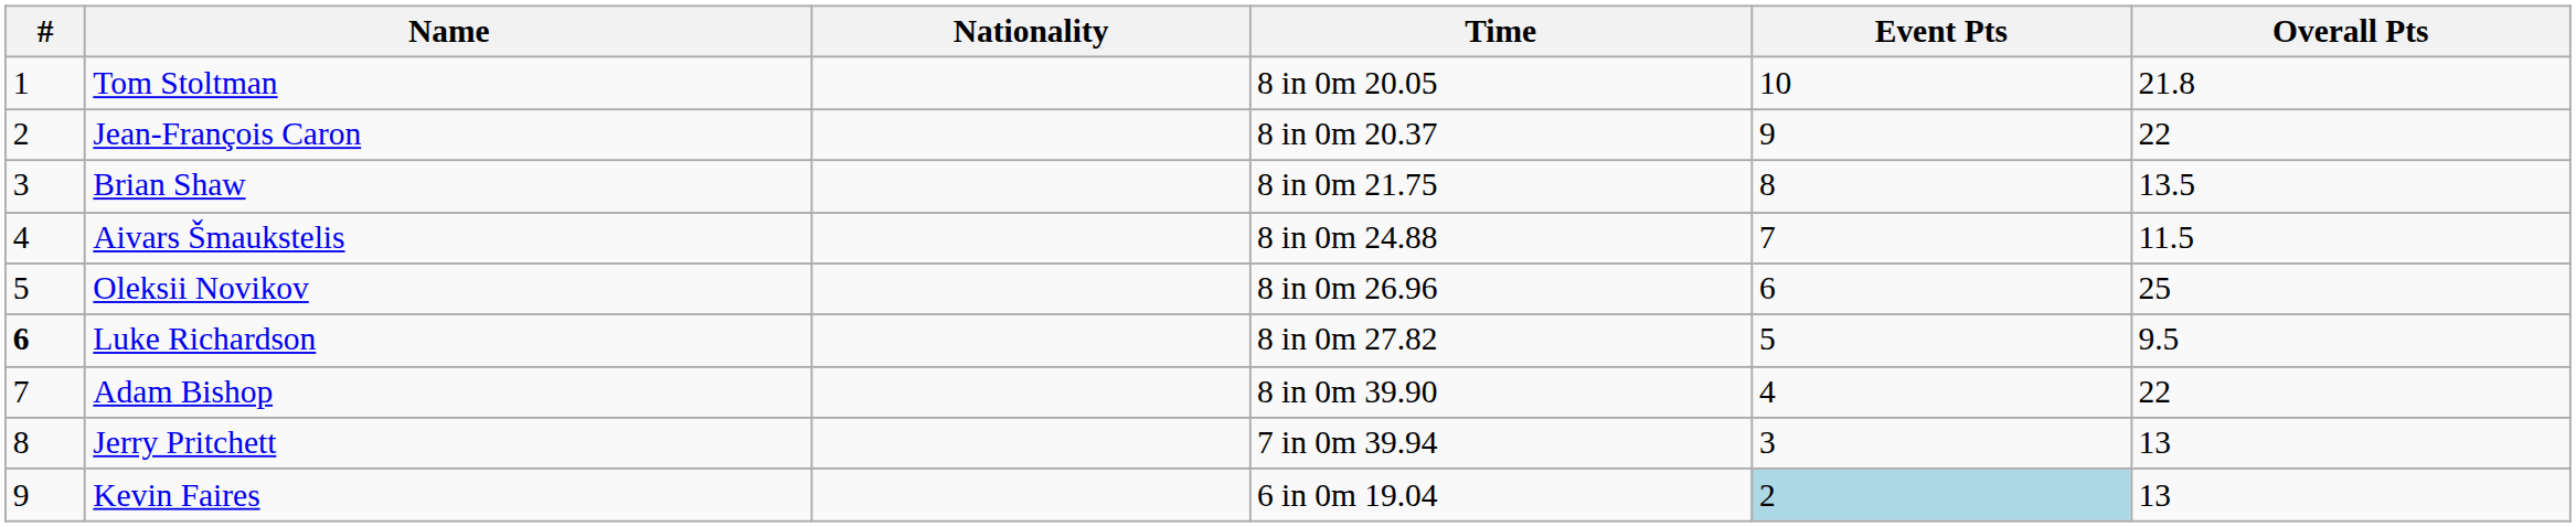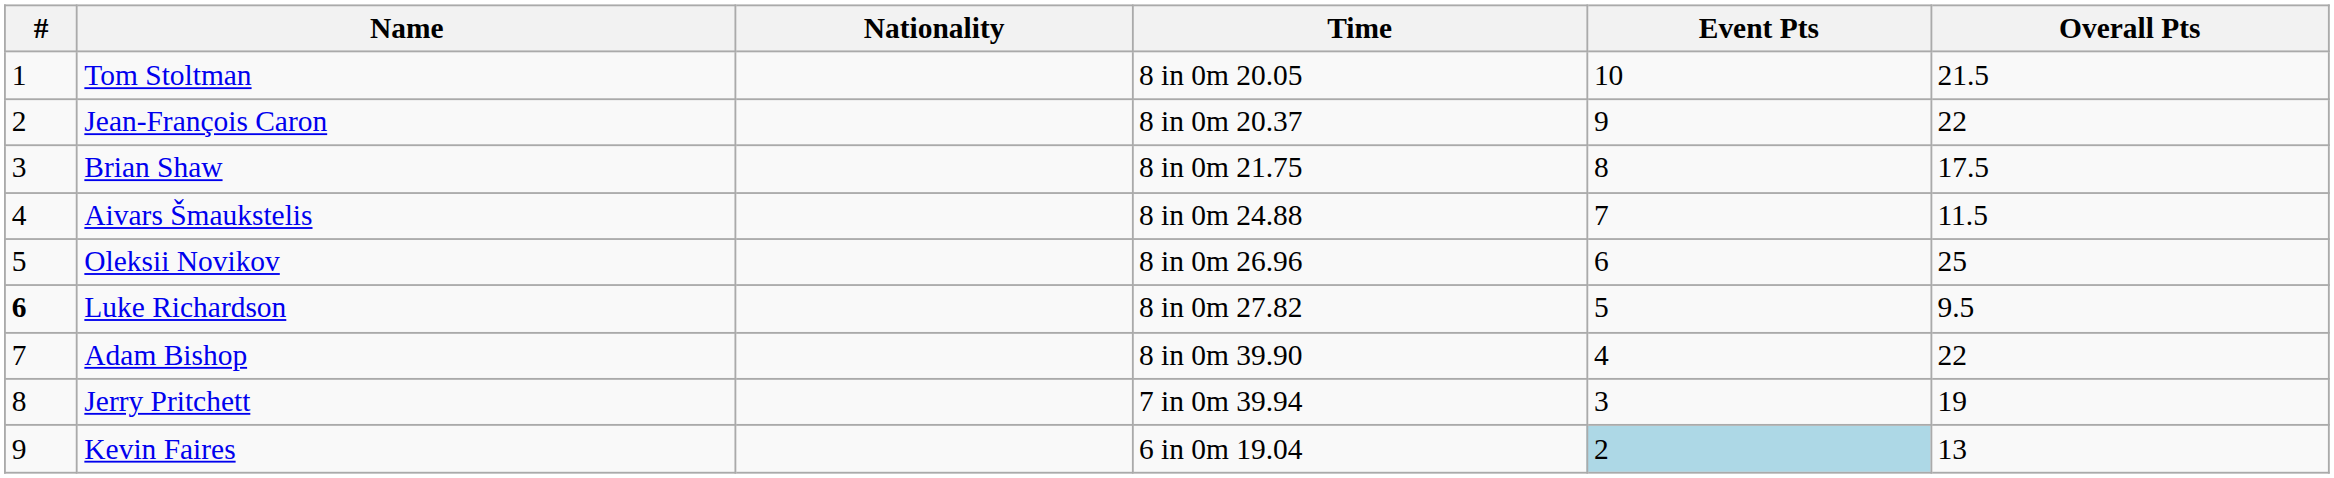 <table class="wikitable sortable" style="display: inline-table;width: 100%;">
 <tr>
 <th>#</th>
 <th>Name</th>
 <th>Nationality</th>
 <th>Time</th>
 <th>Event Pts</th>
 <th>Overall Pts</th>
 </tr>
 <tr>
 <td>1</td>
 <td><a href='#'>Tom Stoltman</a></td>
 <td></td>
 <td>8 in 0m 20.05</td>
 <td>10</td>
-<td>21.8</td>
+<td>21.5</td>
 </tr>
 <tr>
 <td>2</td>
 <td><a href='#'>Jean-François Caron</a></td>
 <td></td>
 <td>8 in 0m 20.37</td>
 <td>9</td>
 <td>22</td>
 </tr>
 <tr>
 <td>3</td>
 <td><a href='#'>Brian Shaw</a></td>
 <td></td>
 <td>8 in 0m 21.75</td>
 <td>8</td>
-<td>13.5</td>
+<td>17.5</td>
 </tr>
 <tr>
 <td>4</td>
 <td><a href='#'>Aivars Šmaukstelis</a></td>
 <td></td>
 <td>8 in 0m 24.88</td>
 <td>7</td>
 <td>11.5</td>
 </tr>
 <tr>
 <td>5</td>
 <td><a href='#'>Oleksii Novikov</a></td>
 <td></td>
 <td>8 in 0m 26.96</td>
 <td>6</td>
 <td>25</td>
 </tr>
 <tr>
 <td><strong>6</strong></td>
 <td><a href='#'>Luke Richardson</a></td>
 <td></td>
 <td>8 in 0m 27.82</td>
 <td>5</td>
 <td>9.5</td>
 </tr>
 <tr>
 <td>7</td>
 <td><a href='#'>Adam Bishop</a></td>
 <td></td>
 <td>8 in 0m 39.90</td>
 <td>4</td>
 <td>22</td>
 </tr>
 <tr>
 <td>8</td>
 <td><a href='#'>Jerry Pritchett</a></td>
 <td></td>
 <td>7 in 0m 39.94</td>
 <td>3</td>
-<td>13</td>
+<td>19</td>
 </tr>
 <tr>
 <td>9</td>
 <td><a href='#'>Kevin Faires</a></td>
 <td></td>
 <td>6 in 0m 19.04</td>
 <td style="background: lightblue;">2</td>
 <td>13</td>
 </tr>
 </table>
